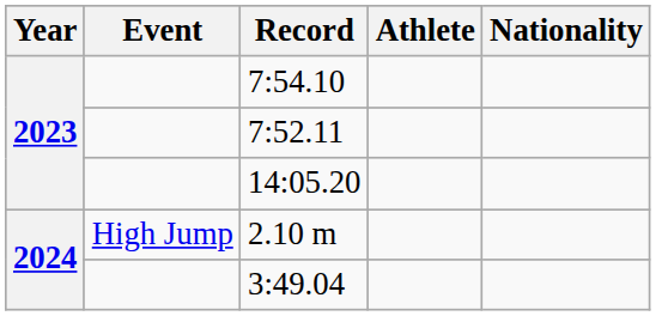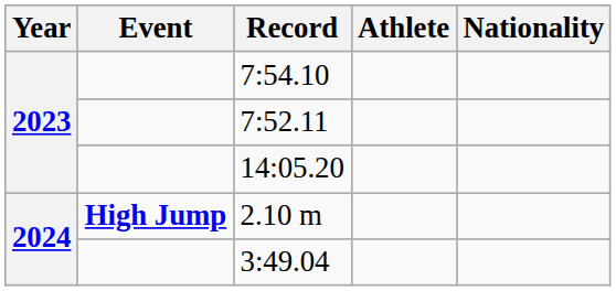 <table class="wikitable sortable plainrowheaders">
 <tr>
 <th scope="col">Year</th>
 <th scope="col">Event</th>
 <th scope="col">Record</th>
 <th scope="col">Athlete</th>
 <th scope="col">Nationality</th>
 </tr>
 <tr>
 <th scope="rowgroup" rowspan="3"><strong><a href='#'>2023</a></strong></th>
 <td></td>
 <td>7:54.10</td>
 <td></td>
 <td></td>
 </tr>
 <tr>
 <td></td>
 <td>7:52.11</td>
 <td></td>
 <td></td>
 </tr>
 <tr>
 <td></td>
 <td>14:05.20</td>
 <td></td>
 <td></td>
 </tr>
 <tr>
 <th scope="rowgroup" rowspan="2"><strong><a href='#'>2024</a></strong></th>
-<td><a href='#'>High Jump</a></td>
+<td><strong><a href='#'>High Jump</a></strong></td>
 <td>2.10 m</td>
 <td></td>
 <td></td>
 </tr>
 <tr>
 <td></td>
 <td>3:49.04</td>
 <td></td>
 <td></td>
 </tr>
 </table>
